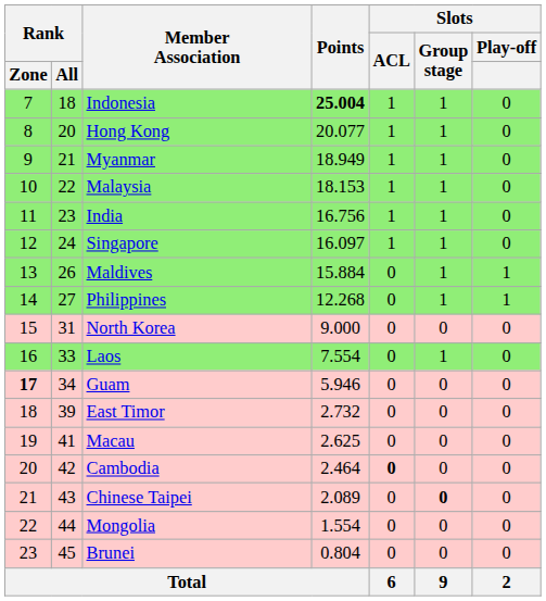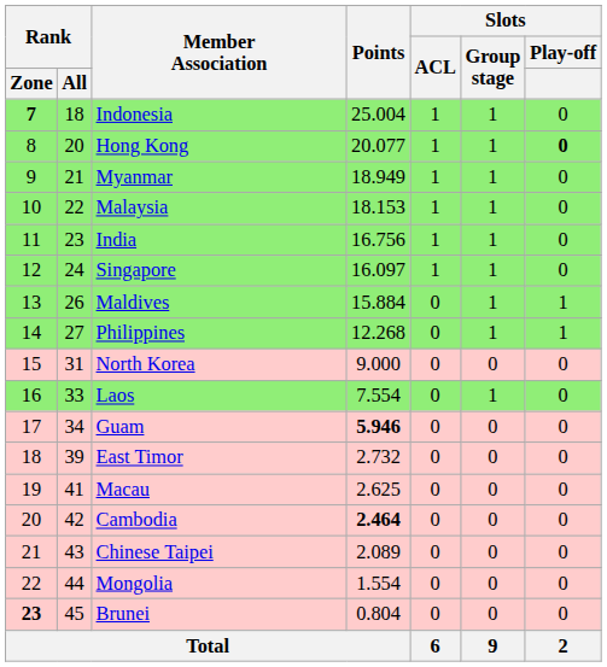 <table class="wikitable" style="text-align:center">
 <tr>
 </tr>
 <tr>
 <th colspan=2 rowspan=2>Rank</th>
 <th rowspan=3 width=200>Member<br>Association</th>
 <th rowspan=3>Points</th>
 <th colspan=5>Slots</th>
 </tr>
 <tr>
 <th rowspan=2>ACL<br></th>
 <th rowspan=2>Group<br>stage</th>
 <th>Play-off</th>
 </tr>
 <tr>
 <th>Zone</th>
 <th>All</th>
 <th></th>
 </tr>
 <tr bgcolor=#90ee77>
-<td>7</td>
+<td><strong>7</strong></td>
 <td>18</td>
 <td align=left> <a href='#'>Indonesia</a></td>
-<td><strong>25.004</strong></td>
+<td>25.004</td>
 <td>1</td>
 <td>1</td>
 <td>0</td>
 </tr>
 <tr bgcolor=#90ee77>
 <td>8</td>
 <td>20</td>
 <td align=left> <a href='#'>Hong Kong</a></td>
 <td>20.077</td>
 <td>1</td>
 <td>1</td>
-<td>0</td>
+<td><strong>0</strong></td>
 </tr>
 <tr bgcolor=#90ee77>
 <td>9</td>
 <td>21</td>
 <td align=left> <a href='#'>Myanmar</a></td>
 <td>18.949</td>
 <td>1</td>
 <td>1</td>
 <td>0</td>
 </tr>
 <tr bgcolor=#90ee77>
 <td>10</td>
 <td>22</td>
 <td align=left> <a href='#'>Malaysia</a></td>
 <td>18.153</td>
 <td>1</td>
 <td>1</td>
 <td>0</td>
 </tr>
 <tr bgcolor=#90ee77>
 <td>11</td>
 <td>23</td>
 <td align=left> <a href='#'>India</a></td>
 <td>16.756</td>
 <td>1</td>
 <td>1</td>
 <td>0</td>
 </tr>
 <tr bgcolor=#90ee77>
 <td>12</td>
 <td>24</td>
 <td align=left> <a href='#'>Singapore</a></td>
 <td>16.097</td>
 <td>1</td>
 <td>1</td>
 <td>0</td>
 </tr>
 <tr bgcolor=#90ee77>
 <td>13</td>
 <td>26</td>
 <td align=left> <a href='#'>Maldives</a></td>
 <td>15.884</td>
 <td>0</td>
 <td>1</td>
 <td>1</td>
 </tr>
 <tr bgcolor=#90ee77>
 <td>14</td>
 <td>27</td>
 <td align=left> <a href='#'>Philippines</a></td>
 <td>12.268</td>
 <td>0</td>
 <td>1</td>
 <td>1</td>
 </tr>
 <tr bgcolor=#ffcccc>
 <td>15</td>
 <td>31</td>
 <td align=left> <a href='#'>North Korea</a></td>
 <td>9.000</td>
 <td>0</td>
 <td>0</td>
 <td>0</td>
 </tr>
 <tr bgcolor=#90ee77>
 <td>16</td>
 <td>33</td>
 <td align=left> <a href='#'>Laos</a></td>
 <td>7.554</td>
 <td>0</td>
 <td>1</td>
 <td>0</td>
 </tr>
 <tr bgcolor=#ffcccc>
-<td><strong>17</strong></td>
+<td>17</td>
 <td>34</td>
 <td align=left> <a href='#'>Guam</a></td>
-<td>5.946</td>
+<td><strong>5.946</strong></td>
 <td>0</td>
 <td>0</td>
 <td>0</td>
 </tr>
 <tr bgcolor=#ffcccc>
 <td>18</td>
 <td>39</td>
 <td align=left> <a href='#'>East Timor</a></td>
 <td>2.732</td>
 <td>0</td>
 <td>0</td>
 <td>0</td>
 </tr>
 <tr bgcolor=#ffcccc>
 <td>19</td>
 <td>41</td>
 <td align=left> <a href='#'>Macau</a></td>
 <td>2.625</td>
 <td>0</td>
 <td>0</td>
 <td>0</td>
 </tr>
 <tr bgcolor=#ffcccc>
 <td>20</td>
 <td>42</td>
 <td align=left> <a href='#'>Cambodia</a></td>
-<td>2.464</td>
-<td><strong>0</strong></td>
+<td><strong>2.464</strong></td>
+<td>0</td>
 <td>0</td>
 <td>0</td>
 </tr>
 <tr bgcolor=#ffcccc>
 <td>21</td>
 <td>43</td>
 <td align=left> <a href='#'>Chinese Taipei</a></td>
 <td>2.089</td>
 <td>0</td>
-<td><strong>0</strong></td>
+<td>0</td>
 <td>0</td>
 </tr>
 <tr bgcolor=#ffcccc>
 <td>22</td>
 <td>44</td>
 <td align=left> <a href='#'>Mongolia</a></td>
 <td>1.554</td>
 <td>0</td>
 <td>0</td>
 <td>0</td>
 </tr>
 <tr bgcolor=#ffcccc>
-<td>23</td>
+<td><strong>23</strong></td>
 <td>45</td>
 <td align=left> <a href='#'>Brunei</a></td>
 <td>0.804</td>
 <td>0</td>
 <td>0</td>
 <td>0</td>
 </tr>
 <tr>
 <th colspan=4 rowspan=2>Total</th>
 <th rowspan=2>6</th>
 <th rowspan=2>9</th>
 <th>2</th>
 </tr>
 </table>
